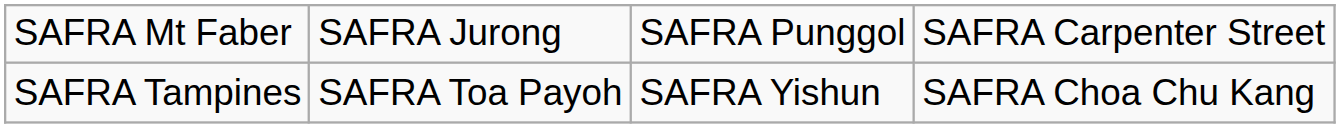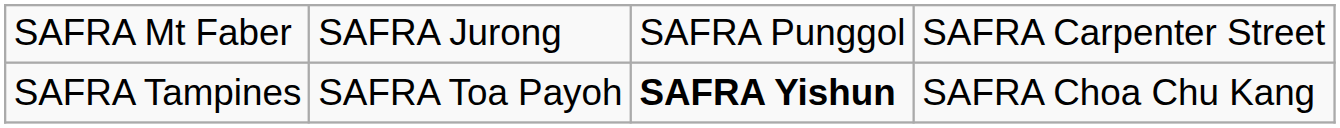 <table class="wikitable">
 <tr>
 <td>SAFRA Mt Faber</td>
 <td>SAFRA Jurong</td>
 <td>SAFRA Punggol</td>
 <td>SAFRA Carpenter Street</td>
 </tr>
 <tr>
 <td>SAFRA Tampines</td>
 <td>SAFRA Toa Payoh</td>
-<td>SAFRA Yishun</td>
+<td><strong>SAFRA Yishun</strong></td>
 <td>SAFRA Choa Chu Kang</td>
 </tr>
 </table>
